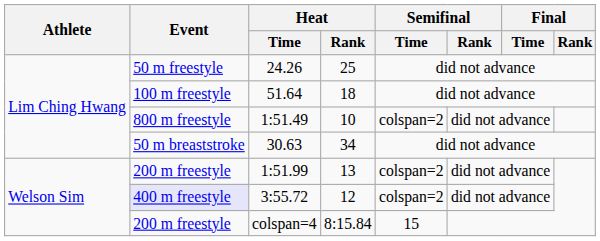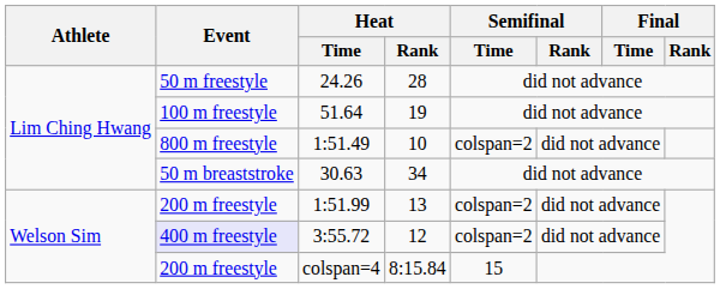 <table class=wikitable style="font-size:90%">
 <tr>
 <th rowspan=2>Athlete</th>
 <th rowspan=2>Event</th>
 <th colspan="2">Heat</th>
 <th colspan="2">Semifinal</th>
 <th colspan="2">Final</th>
 </tr>
 <tr style="font-size:95%">
 <th>Time</th>
 <th>Rank</th>
 <th>Time</th>
 <th>Rank</th>
 <th>Time</th>
 <th>Rank</th>
 </tr>
 <tr align=center>
 <td align=left rowspan=4><a href='#'>Lim Ching Hwang</a></td>
 <td align=left><a href='#'>50 m freestyle</a></td>
 <td>24.26</td>
-<td>25</td>
+<td>28</td>
 <td colspan=4>did not advance</td>
 </tr>
 <tr align=center>
 <td align=left><a href='#'>100 m freestyle</a></td>
 <td>51.64</td>
-<td>18</td>
+<td>19</td>
 <td colspan=4>did not advance</td>
 </tr>
 <tr align=center>
 <td align=left><a href='#'>800 m freestyle</a></td>
 <td>1:51.49</td>
 <td>10</td>
 <td>colspan=2 </td>
 <td colspan=2>did not advance</td>
 </tr>
 <tr align=center>
 <td align=left><a href='#'>50 m breaststroke</a></td>
 <td>30.63</td>
 <td>34</td>
 <td colspan=4>did not advance</td>
 </tr>
 <tr align=center>
 <td align=left rowspan=3><a href='#'>Welson Sim</a></td>
 <td align=left><a href='#'>200 m freestyle</a></td>
 <td>1:51.99</td>
 <td>13</td>
 <td>colspan=2 </td>
 <td colspan=2>did not advance</td>
 </tr>
 <tr align=center>
 <td align=left style="background: lavender;"><a href='#'>400 m freestyle</a></td>
 <td>3:55.72</td>
 <td>12</td>
 <td>colspan=2 </td>
 <td colspan=2>did not advance</td>
 </tr>
 <tr align=center>
 <td align=left><a href='#'>200 m freestyle</a></td>
 <td>colspan=4 </td>
 <td>8:15.84</td>
 <td>15</td>
 </tr>
 </table>
